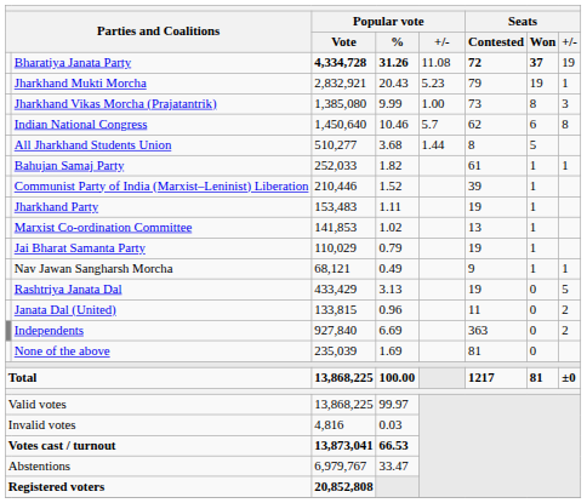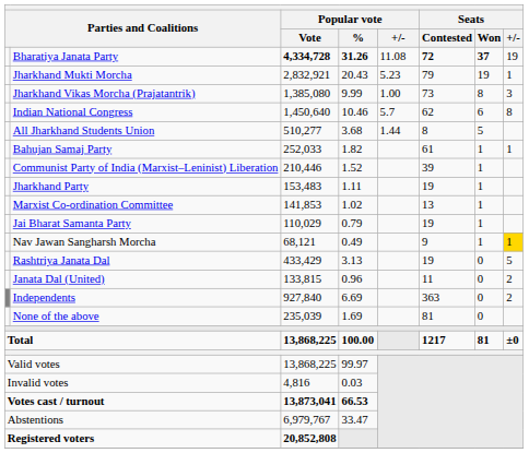 <table class="wikitable sortable">
 <tr>
 <th colspan=10></th>
 </tr>
 <tr>
 <th colspan="2" rowspan="2" width="150">Parties and Coalitions</th>
 <th colspan="3">Popular vote</th>
 <th colspan="3">Seats</th>
 </tr>
 <tr>
 <th width="70">Vote</th>
 <th width="45">%</th>
 <th width ="50">+/-</th>
 <th>Contested</th>
 <th>Won</th>
 <th>+/-</th>
 </tr>
 <tr>
 <td style="background-color:"></td>
 <td><a href='#'>Bharatiya Janata Party</a></td>
 <td><strong>4,334,728</strong></td>
 <td><strong>31.26</strong></td>
 <td>11.08</td>
 <td><strong>72</strong></td>
 <td><strong>37</strong></td>
 <td>19</td>
 </tr>
 <tr>
 <td style="background-color: "></td>
 <td><a href='#'>Jharkhand Mukti Morcha</a></td>
 <td>2,832,921</td>
 <td>20.43</td>
 <td>5.23</td>
 <td>79</td>
 <td>19</td>
 <td>1</td>
 </tr>
 <tr>
 <td style="background-color: "></td>
 <td><a href='#'>Jharkhand Vikas Morcha (Prajatantrik)</a></td>
 <td>1,385,080</td>
 <td>9.99</td>
 <td>1.00</td>
 <td>73</td>
 <td>8</td>
 <td>3</td>
 </tr>
 <tr>
 <td style="background-color: "></td>
 <td><a href='#'>Indian National Congress</a></td>
 <td>1,450,640</td>
 <td>10.46</td>
 <td>5.7</td>
 <td>62</td>
 <td>6</td>
 <td>8</td>
 </tr>
 <tr>
 <td style="background-color: "></td>
 <td><a href='#'>All Jharkhand Students Union</a></td>
 <td>510,277</td>
 <td>3.68</td>
 <td>1.44</td>
 <td>8</td>
 <td>5</td>
 <td></td>
 </tr>
 <tr>
 <td style="background-color: "></td>
 <td><a href='#'>Bahujan Samaj Party</a></td>
 <td>252,033</td>
 <td>1.82</td>
 <td></td>
 <td>61</td>
 <td>1</td>
 <td>1</td>
 </tr>
 <tr>
 <td style="background-color: "></td>
 <td><a href='#'>Communist Party of India (Marxist–Leninist) Liberation</a></td>
 <td>210,446</td>
 <td>1.52</td>
 <td></td>
 <td>39</td>
 <td>1</td>
 <td></td>
 </tr>
 <tr>
 <td style="background-color: "></td>
 <td><a href='#'>Jharkhand Party</a></td>
 <td>153,483</td>
 <td>1.11</td>
 <td></td>
 <td>19</td>
 <td>1</td>
 <td></td>
 </tr>
 <tr>
 <td style="background-color: "></td>
 <td><a href='#'>Marxist Co-ordination Committee</a></td>
 <td>141,853</td>
 <td>1.02</td>
 <td></td>
 <td>13</td>
 <td>1</td>
 <td></td>
 </tr>
 <tr>
 <td style="background-color: "></td>
 <td><a href='#'>Jai Bharat Samanta Party</a></td>
 <td>110,029</td>
 <td>0.79</td>
 <td></td>
 <td>19</td>
 <td>1</td>
 <td></td>
 </tr>
 <tr>
 <td style="background-color: "></td>
 <td>Nav Jawan Sangharsh Morcha</td>
 <td>68,121</td>
 <td>0.49</td>
 <td></td>
 <td>9</td>
 <td>1</td>
-<td>1</td>
+<td style="background: gold;">1</td>
 </tr>
 <tr>
 <td style="background-color: "></td>
 <td><a href='#'>Rashtriya Janata Dal</a></td>
 <td>433,429</td>
 <td>3.13</td>
 <td></td>
 <td>19</td>
 <td>0</td>
 <td>5</td>
 </tr>
 <tr>
 <td style="background-color: "></td>
 <td><a href='#'>Janata Dal (United)</a></td>
 <td>133,815</td>
 <td>0.96</td>
 <td></td>
 <td>11</td>
 <td>0</td>
 <td>2</td>
 </tr>
 <tr>
 <td style="background-color:grey"></td>
 <td><a href='#'>Independents</a></td>
 <td>927,840</td>
 <td>6.69</td>
 <td></td>
 <td>363</td>
 <td>0</td>
 <td>2</td>
 </tr>
 <tr>
 <td></td>
 <td><a href='#'>None of the above</a></td>
 <td>235,039</td>
 <td>1.69</td>
 <td></td>
 <td>81</td>
 <td>0</td>
 <td></td>
 </tr>
 <tr>
 <td colspan="8" bgcolor="#E9E9E9"></td>
 </tr>
 <tr style="font-weight:bold;">
 <td align="left" colspan="2">Total</td>
 <td>13,868,225</td>
 <td>100.00</td>
 <td bgcolor="#E9E9E9"></td>
 <td>1217</td>
 <td>81</td>
 <td>±0</td>
 </tr>
 <tr>
 <th colspan="9"></th>
 </tr>
 <tr>
 <td style="text-align:left;" colspan="2">Valid votes</td>
 <td>13,868,225</td>
 <td>99.97</td>
 <td colspan="4" rowspan="5" style="background-color:#E9E9E9"></td>
 </tr>
 <tr>
 <td style="text-align:left;" colspan="2">Invalid votes</td>
 <td>4,816</td>
 <td>0.03</td>
 </tr>
 <tr>
 <td style="text-align:left;" colspan="2"><strong>Votes cast / turnout</strong></td>
 <td><strong>13,873,041</strong></td>
 <td><strong>66.53</strong></td>
 </tr>
 <tr>
 <td style="text-align:left;" colspan="2">Abstentions</td>
 <td>6,979,767</td>
 <td>33.47</td>
 </tr>
 <tr>
 <td style="text-align:left;" colspan="2"><strong>Registered voters</strong></td>
 <td><strong>20,852,808</strong></td>
 <td colspan="1" style="background-color:#E9E9E9"></td>
 </tr>
 <tr>
 </tr>
 </table>
